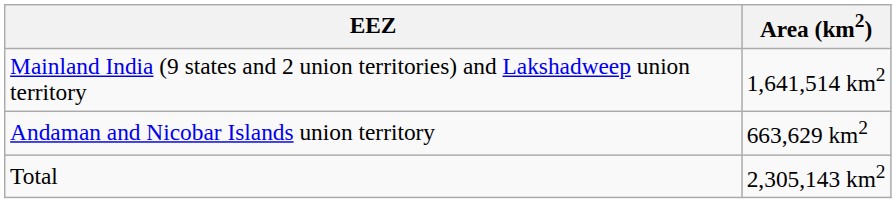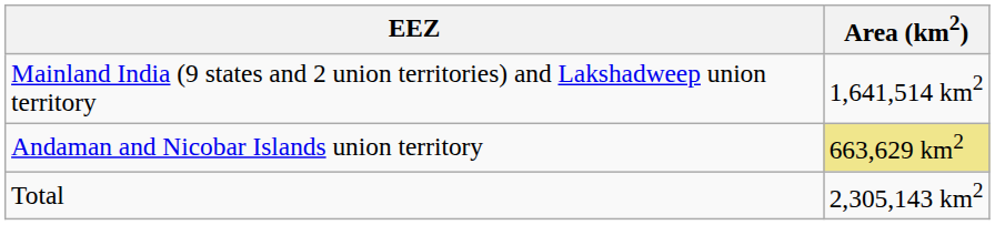 <table class="wikitable">
 <tr>
 <th>EEZ</th>
 <th>Area (km<sup>2</sup>)</th>
 </tr>
 <tr>
 <td><a href='#'>Mainland India</a> (9 states and 2 union territories) and <a href='#'>Lakshadweep</a> union territory</td>
 <td>1,641,514 km<sup>2</sup></td>
 </tr>
 <tr>
 <td><a href='#'>Andaman and Nicobar Islands</a> union territory</td>
-<td>663,629 km<sup>2</sup></td>
+<td style="background: khaki;">663,629 km<sup>2</sup></td>
 </tr>
 <tr>
 <td>Total</td>
 <td>2,305,143 km<sup>2</sup></td>
 </tr>
 </table>
